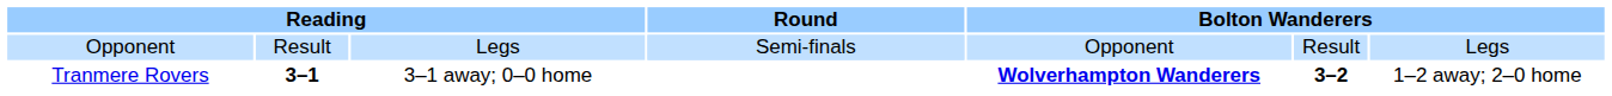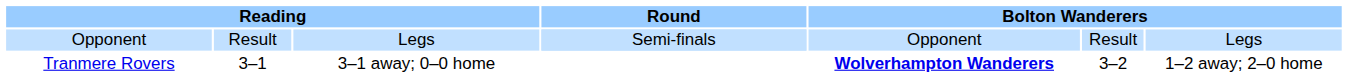 <table width="100%" bgcolor=white>
 <tr valign=top bgcolor=#99ccff>
 <th colspan=3 style="width:40%"><strong>Reading</strong></th>
 <th width=20%><strong>Round</strong></th>
 <th colspan=3 style="width:40%"><strong>Bolton Wanderers</strong></th>
 </tr>
 <tr valign=top align="center" bgcolor=#c1e0ff>
 <td>Opponent</td>
 <td>Result</td>
 <td>Legs</td>
 <td bgcolor=#c1e0ff>Semi-finals</td>
 <td>Opponent</td>
 <td>Result</td>
 <td>Legs</td>
 </tr>
 <tr align="center">
 <td><a href='#'>Tranmere Rovers</a></td>
-<td><strong>3–1</strong></td>
+<td>3–1</td>
 <td>3–1 away; 0–0 home</td>
 <td></td>
 <td><strong><a href='#'>Wolverhampton Wanderers</a></strong></td>
-<td><strong>3–2</strong></td>
+<td>3–2</td>
 <td>1–2 away; 2–0  home</td>
 </tr>
 </table>
